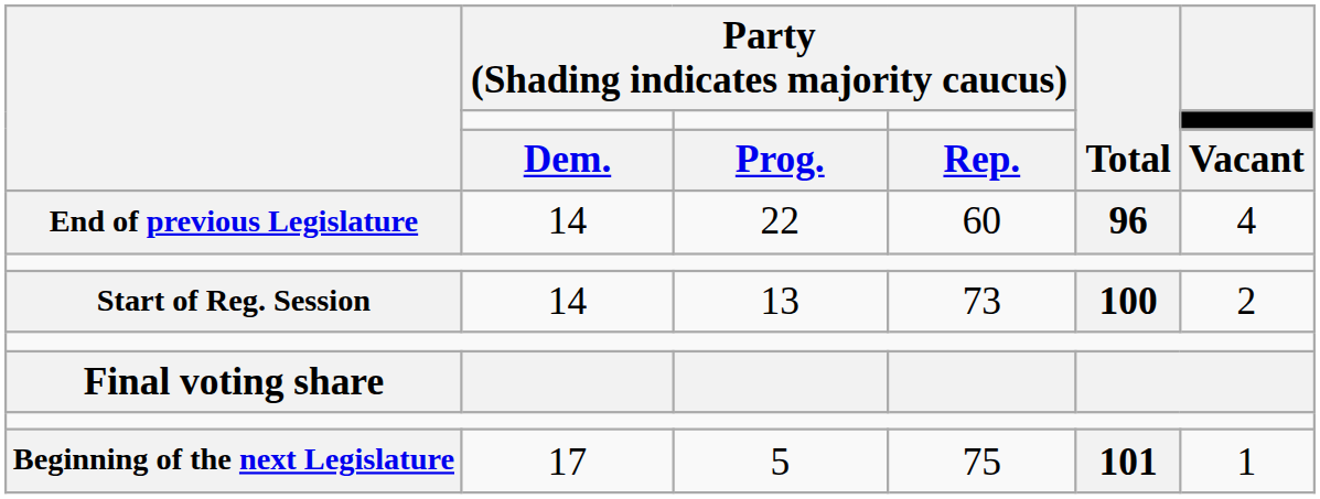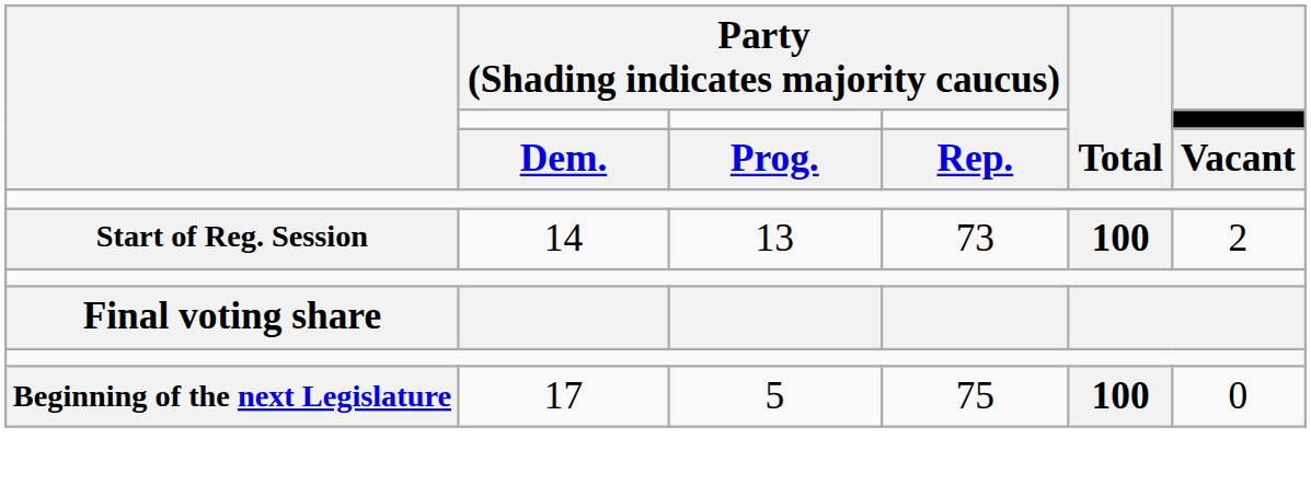 <table class=wikitable style="text-align:center">
 <tr style="vertical-align:bottom;">
 <th rowspan=3></th>
 <th colspan=3>Party <div>(Shading indicates majority caucus)</div></th>
 <th rowspan=3>Total</th>
 <th></th>
 </tr>
 <tr style="height:5px">
 <td style="background-color:"></td>
 <td style="background-color:"></td>
 <td style="background-color:"></td>
 <td style="background:black;"></td>
 </tr>
 <tr>
 <th><a href='#'>Dem.</a></th>
 <th><a href='#'>Prog.</a></th>
 <th><a href='#'>Rep.</a></th>
 <th>Vacant</th>
-</tr>
-<tr>
-<th style="font-size:80%;">End of <a href='#'>previous Legislature</a></th>
-<td>14</td>
-<td>22</td>
-<td>60</td>
-<th>96</th>
-<td>4</td>
 </tr>
 <tr>
 <td colspan=6></td>
 </tr>
 <tr>
 <th style="font-size:80%;">Start of Reg. Session</th>
 <td>14</td>
 <td>13</td>
 <td>73</td>
 <th>100</th>
 <td>2</td>
 </tr>
 <tr>
 <td colspan=6></td>
 </tr>
 <tr>
 <th>Final voting share</th>
 <th></th>
 <th></th>
 <th></th>
 <th colspan=2></th>
 </tr>
 <tr>
 <td colspan=6></td>
 </tr>
 <tr>
 <th style="font-size:80%;">Beginning of the <a href='#'>next Legislature</a></th>
 <td>17</td>
 <td>5</td>
 <td>75</td>
-<th>101</th>
-<td>1</td>
+<th>100</th>
+<td>0</td>
 </tr>
 </table>
